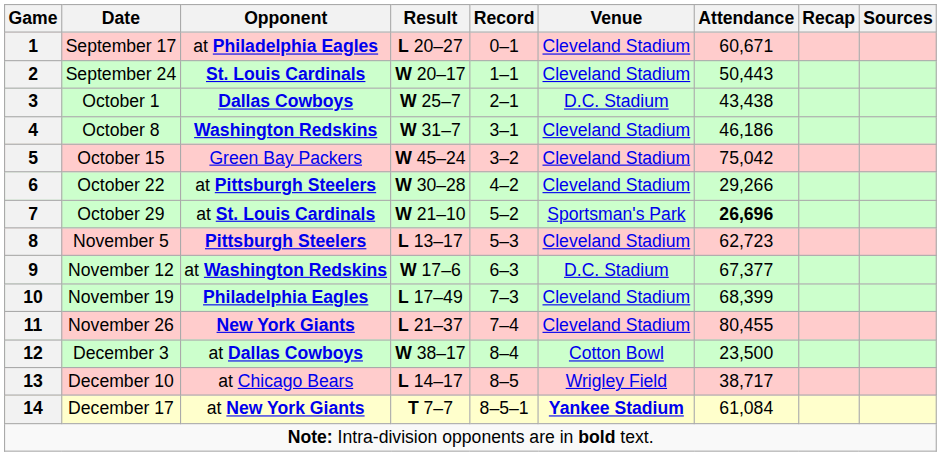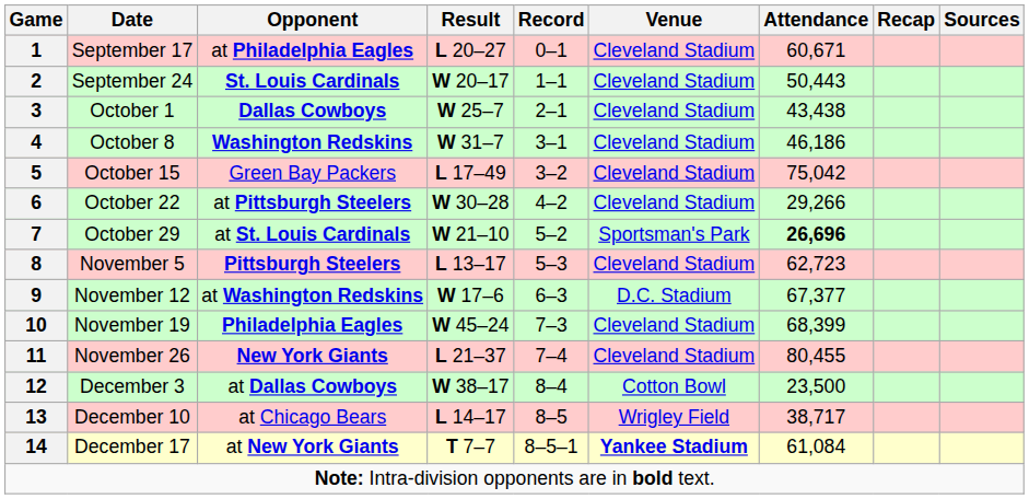 <table class="wikitable" style="text-align:center">
 <tr>
 <th>Game</th>
 <th>Date</th>
 <th>Opponent</th>
 <th>Result</th>
 <th>Record</th>
 <th>Venue</th>
 <th>Attendance</th>
 <th>Recap</th>
 <th>Sources</th>
 </tr>
 <tr style="background:#fcc">
 <th>1</th>
 <td>September 17</td>
 <td>at <strong><a href='#'>Philadelphia Eagles</a></strong></td>
 <td><strong>L</strong> 20–27</td>
 <td>0–1</td>
 <td><a href='#'>Cleveland Stadium</a></td>
 <td>60,671</td>
 <td></td>
 <td></td>
 </tr>
 <tr style="background:#cfc">
 <th>2</th>
 <td>September 24</td>
 <td><strong><a href='#'>St. Louis Cardinals</a></strong></td>
 <td><strong>W</strong> 20–17</td>
 <td>1–1</td>
 <td><a href='#'>Cleveland Stadium</a></td>
 <td>50,443</td>
 <td></td>
 <td></td>
 </tr>
 <tr style="background:#cfc">
 <th>3</th>
 <td>October 1</td>
 <td><strong><a href='#'>Dallas Cowboys</a></strong></td>
 <td><strong>W</strong> 25–7</td>
 <td>2–1</td>
-<td><a href='#'>D.C. Stadium</a></td>
+<td><a href='#'>Cleveland Stadium</a></td>
 <td>43,438</td>
 <td></td>
 <td></td>
 </tr>
 <tr style="background:#cfc">
 <th>4</th>
 <td>October 8</td>
 <td><strong><a href='#'>Washington Redskins</a></strong></td>
 <td><strong>W</strong> 31–7</td>
 <td>3–1</td>
 <td><a href='#'>Cleveland Stadium</a></td>
 <td>46,186</td>
 <td></td>
 <td></td>
 </tr>
 <tr style="background:#fcc">
 <th>5</th>
 <td>October 15</td>
 <td><a href='#'>Green Bay Packers</a></td>
-<td><strong>W</strong> 45–24</td>
+<td><strong>L</strong> 17–49</td>
 <td>3–2</td>
 <td><a href='#'>Cleveland Stadium</a></td>
 <td>75,042</td>
 <td></td>
 <td></td>
 </tr>
 <tr style="background:#cfc">
 <th>6</th>
 <td>October 22</td>
 <td>at <strong><a href='#'>Pittsburgh Steelers</a></strong></td>
 <td><strong>W</strong> 30–28</td>
 <td>4–2</td>
 <td><a href='#'>Cleveland Stadium</a></td>
 <td>29,266</td>
 <td></td>
 <td></td>
 </tr>
 <tr style="background:#cfc">
 <th>7</th>
 <td>October 29</td>
 <td>at <strong><a href='#'>St. Louis Cardinals</a></strong></td>
 <td><strong>W</strong> 21–10</td>
 <td>5–2</td>
 <td><a href='#'>Sportsman's Park</a></td>
 <td><strong>26,696</strong></td>
 <td></td>
 <td></td>
 </tr>
 <tr style="background:#fcc">
 <th>8</th>
 <td>November 5</td>
 <td><strong><a href='#'>Pittsburgh Steelers</a></strong></td>
 <td><strong>L</strong> 13–17</td>
 <td>5–3</td>
 <td><a href='#'>Cleveland Stadium</a></td>
 <td>62,723</td>
 <td></td>
 <td></td>
 </tr>
 <tr style="background:#cfc">
 <th>9</th>
 <td>November 12</td>
 <td>at <strong><a href='#'>Washington Redskins</a></strong></td>
 <td><strong>W</strong> 17–6</td>
 <td>6–3</td>
 <td><a href='#'>D.C. Stadium</a></td>
 <td>67,377</td>
 <td></td>
 <td></td>
 </tr>
 <tr style="background:#cfc">
 <th>10</th>
 <td>November 19</td>
 <td><strong><a href='#'>Philadelphia Eagles</a></strong></td>
-<td><strong>L</strong> 17–49</td>
+<td><strong>W</strong> 45–24</td>
 <td>7–3</td>
 <td><a href='#'>Cleveland Stadium</a></td>
 <td>68,399</td>
 <td></td>
 <td></td>
 </tr>
 <tr style="background:#fcc">
 <th>11</th>
 <td>November 26</td>
 <td><strong><a href='#'>New York Giants</a></strong></td>
 <td><strong>L</strong> 21–37</td>
 <td>7–4</td>
 <td><a href='#'>Cleveland Stadium</a></td>
 <td>80,455</td>
 <td></td>
 <td></td>
 </tr>
 <tr style="background:#cfc">
 <th>12</th>
 <td>December 3</td>
 <td>at <strong><a href='#'>Dallas Cowboys</a></strong></td>
 <td><strong>W</strong> 38–17</td>
 <td>8–4</td>
 <td><a href='#'>Cotton Bowl</a></td>
 <td>23,500</td>
 <td></td>
 <td></td>
 </tr>
 <tr style="background:#fcc">
 <th>13</th>
 <td>December 10</td>
 <td>at <a href='#'>Chicago Bears</a></td>
 <td><strong>L</strong> 14–17</td>
 <td>8–5</td>
 <td><a href='#'>Wrigley Field</a></td>
 <td>38,717</td>
 <td></td>
 <td></td>
 </tr>
 <tr style="background:#ffc">
 <th>14</th>
 <td>December 17</td>
 <td>at <strong><a href='#'>New York Giants</a></strong></td>
 <td><strong>T</strong> 7–7</td>
 <td>8–5–1</td>
 <td><strong><a href='#'>Yankee Stadium</a></strong></td>
 <td>61,084</td>
 <td></td>
 <td></td>
 </tr>
 <tr>
 <td colspan="10"><strong>Note:</strong> Intra-division opponents are in <strong>bold</strong> text.</td>
 </tr>
 </table>
